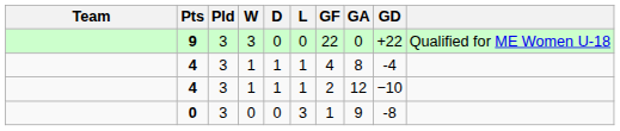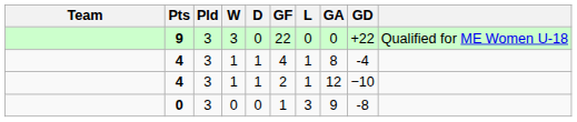 <table class="wikitable" style="text-align:center;">
 <tr>
 <th width=175>Team</th>
 <th width=20 abbr="Points">Pts</th>
 <th width=20 abbr="Played">Pld</th>
 <th width=20 abbr="Won">W</th>
 <th width=20 abbr="Drawn">D</th>
+<th width=20 abbr="Goals for">GF</th>
 <th width=20 abbr="Lost">L</th>
-<th width=20 abbr="Goals for">GF</th>
 <th width=20 abbr="Goals against">GA</th>
 <th width=20 abbr="Goal difference">GD</th>
 <th></th>
 </tr>
 <tr bgcolor="#ccffcc">
 <td style="text-align:left;"></td>
 <td><strong>9</strong></td>
 <td>3</td>
 <td>3</td>
 <td>0</td>
+<td>22</td>
 <td>0</td>
-<td>22</td>
 <td>0</td>
 <td>+22</td>
 <td>Qualified for <a href='#'>ME Women U-18</a></td>
 </tr>
 <tr>
 <td style="text-align:left;"></td>
 <td><strong>4</strong></td>
 <td>3</td>
 <td>1</td>
 <td>1</td>
+<td>4</td>
 <td>1</td>
-<td>4</td>
 <td>8</td>
 <td>-4</td>
 <td></td>
 </tr>
 <tr>
 <td style="text-align:left;"></td>
 <td><strong>4</strong></td>
 <td>3</td>
 <td>1</td>
 <td>1</td>
+<td>2</td>
 <td>1</td>
-<td>2</td>
 <td>12</td>
 <td>−10</td>
 <td></td>
 </tr>
 <tr>
 <td style="text-align:left;"></td>
 <td><strong>0</strong></td>
 <td>3</td>
 <td>0</td>
 <td>0</td>
+<td>1</td>
 <td>3</td>
-<td>1</td>
 <td>9</td>
 <td>-8</td>
 <td></td>
 </tr>
 </table>
